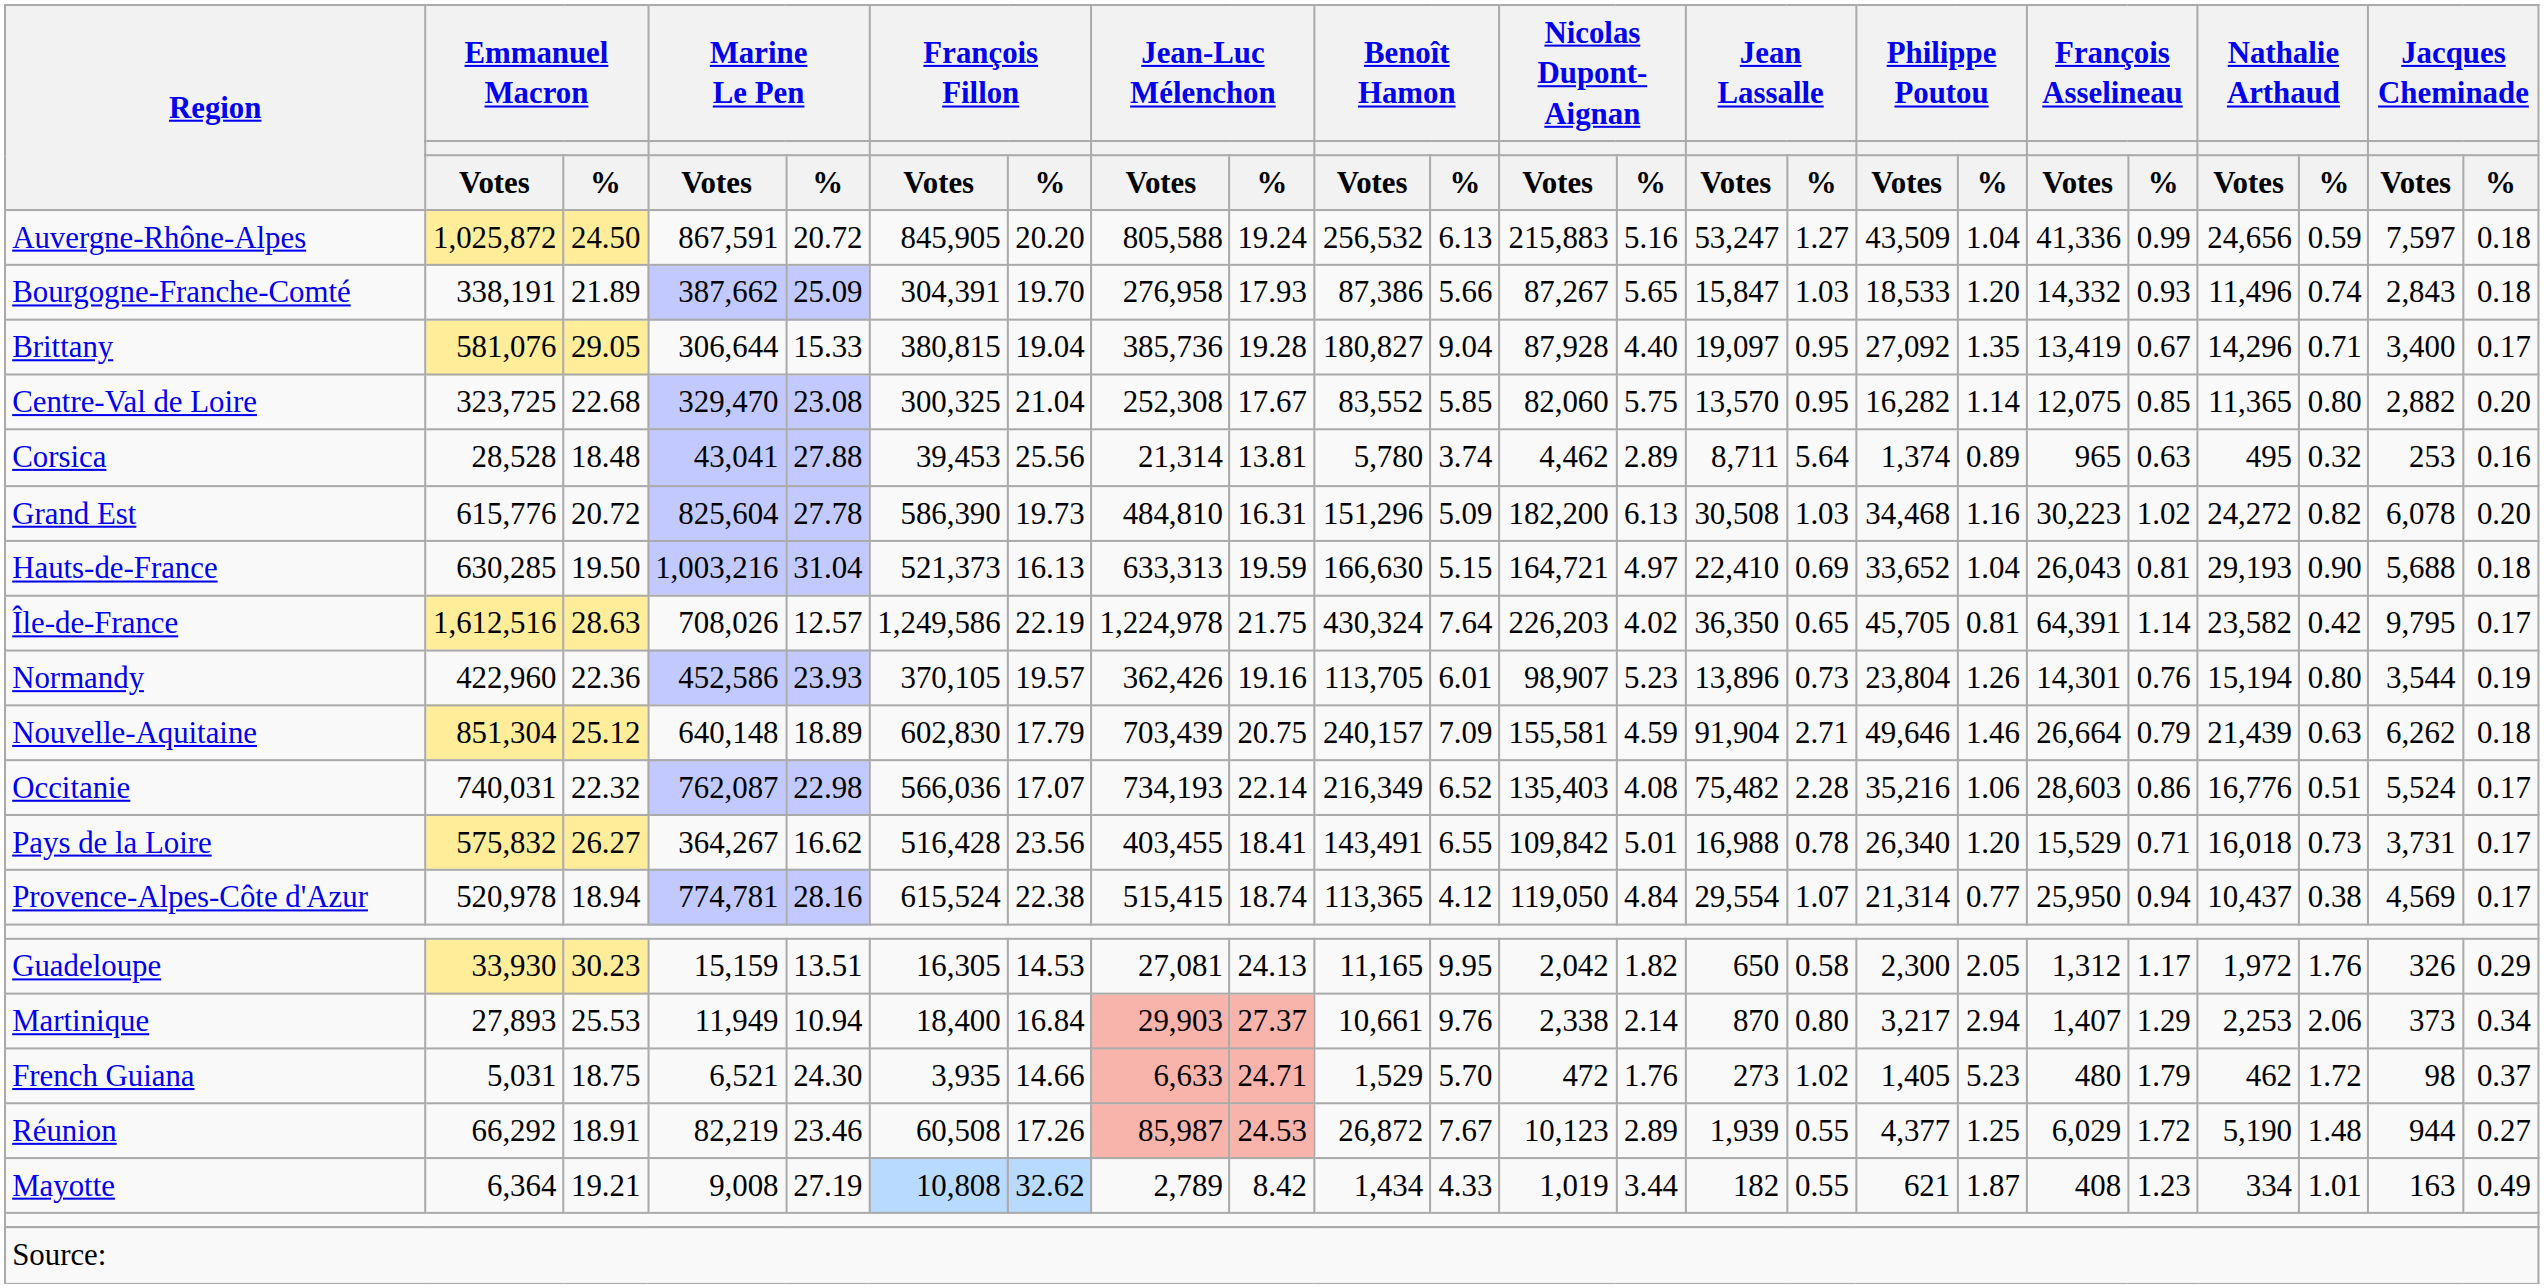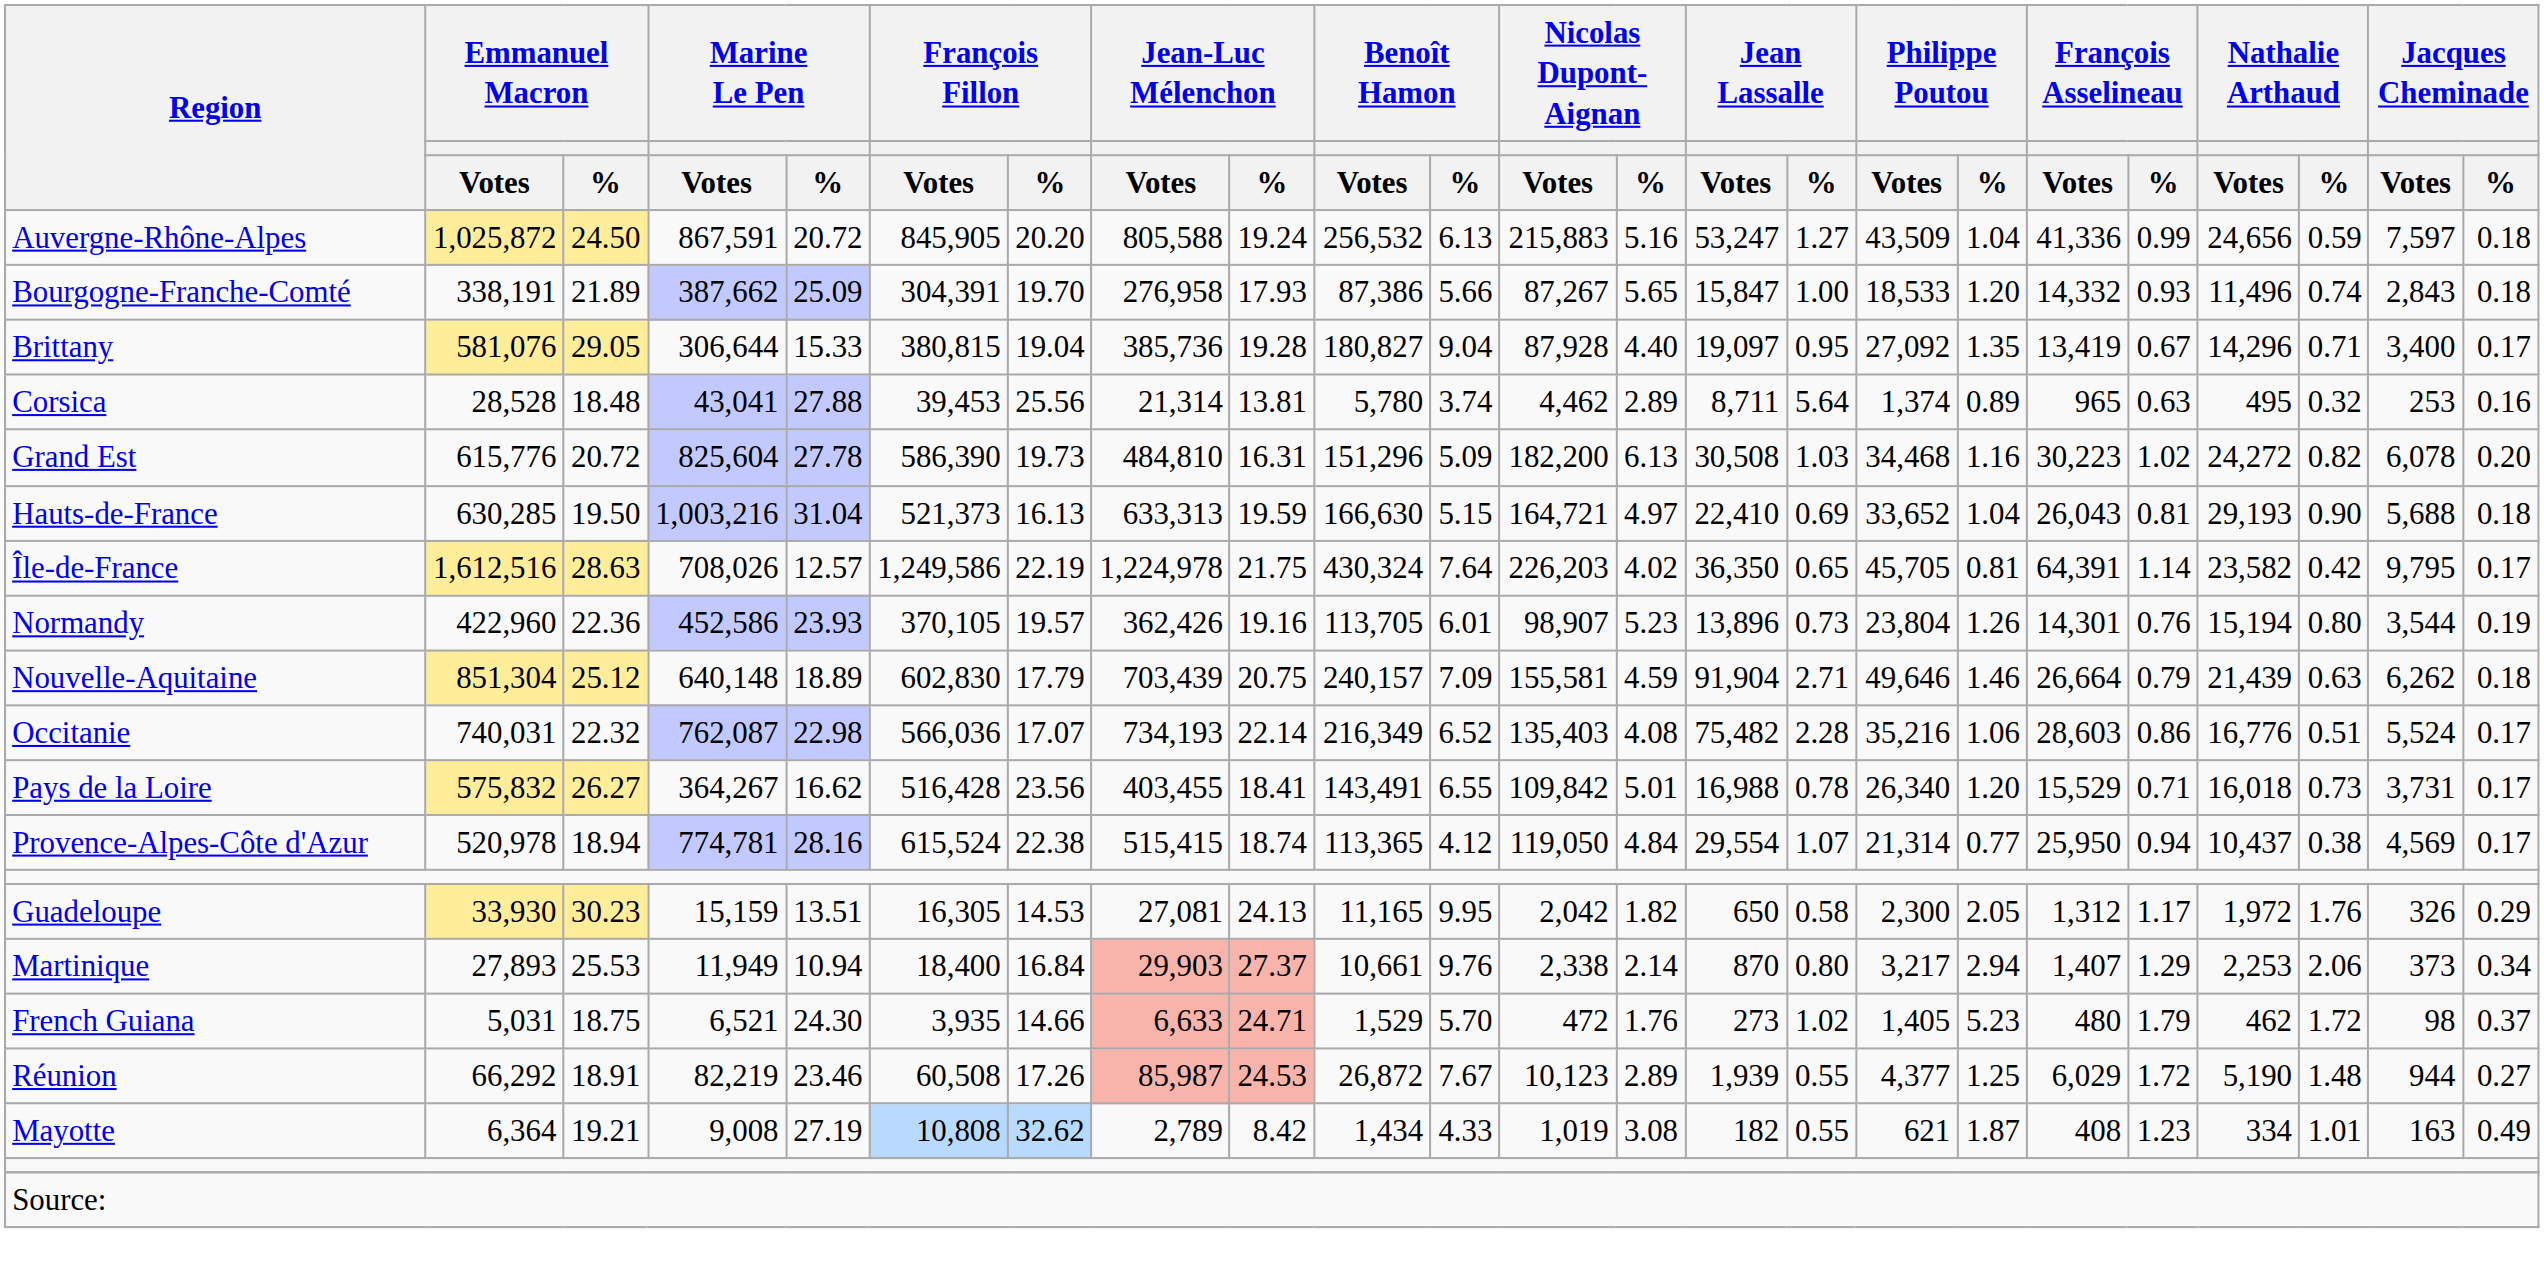 <table class="wikitable sortable collapsible collapsed" style="text-align:right; font-size:95%; line-height:20px">
 <tr>
 <th width="200" rowspan="3"><a href='#'>Region</a></th>
 <th width="110" colspan="2"><a href='#'>Emmanuel<br>Macron</a></th>
 <th width="110" colspan="2"><a href='#'>Marine<br>Le Pen</a></th>
 <th width="110" colspan="2"><a href='#'>François<br>Fillon</a></th>
 <th width="110" colspan="2"><a href='#'>Jean-Luc<br>Mélenchon</a></th>
 <th width="110" colspan="2"><a href='#'>Benoît<br>Hamon</a></th>
 <th width="110" colspan="2"><a href='#'>Nicolas<br>Dupont-Aignan</a></th>
 <th width="110" colspan="2"><a href='#'>Jean<br>Lassalle</a></th>
 <th width="110" colspan="2"><a href='#'>Philippe<br>Poutou</a></th>
 <th width="110" colspan="2"><a href='#'>François<br>Asselineau</a></th>
 <th width="110" colspan="2"><a href='#'>Nathalie<br>Arthaud</a></th>
 <th width="110" colspan="2"><a href='#'>Jacques<br>Cheminade</a></th>
 </tr>
 <tr>
 <th colspan="2" style="background:"></th>
 <th colspan="2" style="background:"></th>
 <th colspan="2" style="background:"></th>
 <th colspan="2" style="background:"></th>
 <th colspan="2" style="background:"></th>
 <th colspan="2" style="background:"></th>
 <th colspan="2" style="background:"></th>
 <th colspan="2" style="background:"></th>
 <th colspan="2" style="background:"></th>
 <th colspan="2" style="background:"></th>
 <th colspan="2" style="background:"></th>
 </tr>
 <tr>
 <th>Votes</th>
 <th>%</th>
 <th>Votes</th>
 <th>%</th>
 <th>Votes</th>
 <th>%</th>
 <th>Votes</th>
 <th>%</th>
 <th>Votes</th>
 <th>%</th>
 <th>Votes</th>
 <th>%</th>
 <th>Votes</th>
 <th>%</th>
 <th>Votes</th>
 <th>%</th>
 <th>Votes</th>
 <th>%</th>
 <th>Votes</th>
 <th>%</th>
 <th>Votes</th>
 <th>%</th>
 </tr>
 <tr>
 <td align="left"><a href='#'>Auvergne-Rhône-Alpes</a></td>
 <td style="background:#FFED99;">1,025,872</td>
 <td style="background:#FFED99;">24.50</td>
 <td>867,591</td>
 <td>20.72</td>
 <td>845,905</td>
 <td>20.20</td>
 <td>805,588</td>
 <td>19.24</td>
 <td>256,532</td>
 <td>6.13</td>
 <td>215,883</td>
 <td>5.16</td>
 <td>53,247</td>
 <td>1.27</td>
 <td>43,509</td>
 <td>1.04</td>
 <td>41,336</td>
 <td>0.99</td>
 <td>24,656</td>
 <td>0.59</td>
 <td>7,597</td>
 <td>0.18</td>
 </tr>
 <tr>
 <td align="left"><a href='#'>Bourgogne-Franche-Comté</a></td>
 <td>338,191</td>
 <td>21.89</td>
 <td style="background:#C1C9FF;">387,662</td>
 <td style="background:#C1C9FF;">25.09</td>
 <td>304,391</td>
 <td>19.70</td>
 <td>276,958</td>
 <td>17.93</td>
 <td>87,386</td>
 <td>5.66</td>
 <td>87,267</td>
 <td>5.65</td>
 <td>15,847</td>
-<td>1.03</td>
+<td>1.00</td>
 <td>18,533</td>
 <td>1.20</td>
 <td>14,332</td>
 <td>0.93</td>
 <td>11,496</td>
 <td>0.74</td>
 <td>2,843</td>
 <td>0.18</td>
 </tr>
 <tr>
 <td align="left"><a href='#'>Brittany</a></td>
 <td style="background:#FFED99;">581,076</td>
 <td style="background:#FFED99;">29.05</td>
 <td>306,644</td>
 <td>15.33</td>
 <td>380,815</td>
 <td>19.04</td>
 <td>385,736</td>
 <td>19.28</td>
 <td>180,827</td>
 <td>9.04</td>
 <td>87,928</td>
 <td>4.40</td>
 <td>19,097</td>
 <td>0.95</td>
 <td>27,092</td>
 <td>1.35</td>
 <td>13,419</td>
 <td>0.67</td>
 <td>14,296</td>
 <td>0.71</td>
 <td>3,400</td>
 <td>0.17</td>
-</tr>
-<tr>
-<td align="left"><a href='#'>Centre-Val de Loire</a></td>
-<td>323,725</td>
-<td>22.68</td>
-<td style="background:#C1C9FF;">329,470</td>
-<td style="background:#C1C9FF;">23.08</td>
-<td>300,325</td>
-<td>21.04</td>
-<td>252,308</td>
-<td>17.67</td>
-<td>83,552</td>
-<td>5.85</td>
-<td>82,060</td>
-<td>5.75</td>
-<td>13,570</td>
-<td>0.95</td>
-<td>16,282</td>
-<td>1.14</td>
-<td>12,075</td>
-<td>0.85</td>
-<td>11,365</td>
-<td>0.80</td>
-<td>2,882</td>
-<td>0.20</td>
 </tr>
 <tr>
 <td align="left"><a href='#'>Corsica</a></td>
 <td>28,528</td>
 <td>18.48</td>
 <td style="background:#C1C9FF;">43,041</td>
 <td style="background:#C1C9FF;">27.88</td>
 <td>39,453</td>
 <td>25.56</td>
 <td>21,314</td>
 <td>13.81</td>
 <td>5,780</td>
 <td>3.74</td>
 <td>4,462</td>
 <td>2.89</td>
 <td>8,711</td>
 <td>5.64</td>
 <td>1,374</td>
 <td>0.89</td>
 <td>965</td>
 <td>0.63</td>
 <td>495</td>
 <td>0.32</td>
 <td>253</td>
 <td>0.16</td>
 </tr>
 <tr>
 <td align="left"><a href='#'>Grand Est</a></td>
 <td>615,776</td>
 <td>20.72</td>
 <td style="background:#C1C9FF;">825,604</td>
 <td style="background:#C1C9FF;">27.78</td>
 <td>586,390</td>
 <td>19.73</td>
 <td>484,810</td>
 <td>16.31</td>
 <td>151,296</td>
 <td>5.09</td>
 <td>182,200</td>
 <td>6.13</td>
 <td>30,508</td>
 <td>1.03</td>
 <td>34,468</td>
 <td>1.16</td>
 <td>30,223</td>
 <td>1.02</td>
 <td>24,272</td>
 <td>0.82</td>
 <td>6,078</td>
 <td>0.20</td>
 </tr>
 <tr>
 <td align="left"><a href='#'>Hauts-de-France</a></td>
 <td>630,285</td>
 <td>19.50</td>
 <td style="background:#C1C9FF;">1,003,216</td>
 <td style="background:#C1C9FF;">31.04</td>
 <td>521,373</td>
 <td>16.13</td>
 <td>633,313</td>
 <td>19.59</td>
 <td>166,630</td>
 <td>5.15</td>
 <td>164,721</td>
 <td>4.97</td>
 <td>22,410</td>
 <td>0.69</td>
 <td>33,652</td>
 <td>1.04</td>
 <td>26,043</td>
 <td>0.81</td>
 <td>29,193</td>
 <td>0.90</td>
 <td>5,688</td>
 <td>0.18</td>
 </tr>
 <tr>
 <td align="left"><a href='#'>Île-de-France</a></td>
 <td style="background:#FFED99;">1,612,516</td>
 <td style="background:#FFED99;">28.63</td>
 <td>708,026</td>
 <td>12.57</td>
 <td>1,249,586</td>
 <td>22.19</td>
 <td>1,224,978</td>
 <td>21.75</td>
 <td>430,324</td>
 <td>7.64</td>
 <td>226,203</td>
 <td>4.02</td>
 <td>36,350</td>
 <td>0.65</td>
 <td>45,705</td>
 <td>0.81</td>
 <td>64,391</td>
 <td>1.14</td>
 <td>23,582</td>
 <td>0.42</td>
 <td>9,795</td>
 <td>0.17</td>
 </tr>
 <tr>
 <td align="left"><a href='#'>Normandy</a></td>
 <td>422,960</td>
 <td>22.36</td>
 <td style="background:#C1C9FF;">452,586</td>
 <td style="background:#C1C9FF;">23.93</td>
 <td>370,105</td>
 <td>19.57</td>
 <td>362,426</td>
 <td>19.16</td>
 <td>113,705</td>
 <td>6.01</td>
 <td>98,907</td>
 <td>5.23</td>
 <td>13,896</td>
 <td>0.73</td>
 <td>23,804</td>
 <td>1.26</td>
 <td>14,301</td>
 <td>0.76</td>
 <td>15,194</td>
 <td>0.80</td>
 <td>3,544</td>
 <td>0.19</td>
 </tr>
 <tr>
 <td align="left"><a href='#'>Nouvelle-Aquitaine</a></td>
 <td style="background:#FFED99;">851,304</td>
 <td style="background:#FFED99;">25.12</td>
 <td>640,148</td>
 <td>18.89</td>
 <td>602,830</td>
 <td>17.79</td>
 <td>703,439</td>
 <td>20.75</td>
 <td>240,157</td>
 <td>7.09</td>
 <td>155,581</td>
 <td>4.59</td>
 <td>91,904</td>
 <td>2.71</td>
 <td>49,646</td>
 <td>1.46</td>
 <td>26,664</td>
 <td>0.79</td>
 <td>21,439</td>
 <td>0.63</td>
 <td>6,262</td>
 <td>0.18</td>
 </tr>
 <tr>
 <td align="left"><a href='#'>Occitanie</a></td>
 <td>740,031</td>
 <td>22.32</td>
 <td style="background:#C1C9FF;">762,087</td>
 <td style="background:#C1C9FF;">22.98</td>
 <td>566,036</td>
 <td>17.07</td>
 <td>734,193</td>
 <td>22.14</td>
 <td>216,349</td>
 <td>6.52</td>
 <td>135,403</td>
 <td>4.08</td>
 <td>75,482</td>
 <td>2.28</td>
 <td>35,216</td>
 <td>1.06</td>
 <td>28,603</td>
 <td>0.86</td>
 <td>16,776</td>
 <td>0.51</td>
 <td>5,524</td>
 <td>0.17</td>
 </tr>
 <tr>
 <td align="left"><a href='#'>Pays de la Loire</a></td>
 <td style="background:#FFED99;">575,832</td>
 <td style="background:#FFED99;">26.27</td>
 <td>364,267</td>
 <td>16.62</td>
 <td>516,428</td>
 <td>23.56</td>
 <td>403,455</td>
 <td>18.41</td>
 <td>143,491</td>
 <td>6.55</td>
 <td>109,842</td>
 <td>5.01</td>
 <td>16,988</td>
 <td>0.78</td>
 <td>26,340</td>
 <td>1.20</td>
 <td>15,529</td>
 <td>0.71</td>
 <td>16,018</td>
 <td>0.73</td>
 <td>3,731</td>
 <td>0.17</td>
 </tr>
 <tr>
 <td align="left"><a href='#'>Provence-Alpes-Côte d'Azur</a></td>
 <td>520,978</td>
 <td>18.94</td>
 <td style="background:#C1C9FF;">774,781</td>
 <td style="background:#C1C9FF;">28.16</td>
 <td>615,524</td>
 <td>22.38</td>
 <td>515,415</td>
 <td>18.74</td>
 <td>113,365</td>
 <td>4.12</td>
 <td>119,050</td>
 <td>4.84</td>
 <td>29,554</td>
 <td>1.07</td>
 <td>21,314</td>
 <td>0.77</td>
 <td>25,950</td>
 <td>0.94</td>
 <td>10,437</td>
 <td>0.38</td>
 <td>4,569</td>
 <td>0.17</td>
 </tr>
 <tr class="sortbottom">
 <td colspan="23"></td>
 </tr>
 <tr>
 <td align="left"><a href='#'>Guadeloupe</a></td>
 <td style="background:#FFED99;">33,930</td>
 <td style="background:#FFED99;">30.23</td>
 <td>15,159</td>
 <td>13.51</td>
 <td>16,305</td>
 <td>14.53</td>
 <td>27,081</td>
 <td>24.13</td>
 <td>11,165</td>
 <td>9.95</td>
 <td>2,042</td>
 <td>1.82</td>
 <td>650</td>
 <td>0.58</td>
 <td>2,300</td>
 <td>2.05</td>
 <td>1,312</td>
 <td>1.17</td>
 <td>1,972</td>
 <td>1.76</td>
 <td>326</td>
 <td>0.29</td>
 </tr>
 <tr>
 <td align="left"><a href='#'>Martinique</a></td>
 <td>27,893</td>
 <td>25.53</td>
 <td>11,949</td>
 <td>10.94</td>
 <td>18,400</td>
 <td>16.84</td>
 <td style="background:#F8B3AB;">29,903</td>
 <td style="background:#F8B3AB;">27.37</td>
 <td>10,661</td>
 <td>9.76</td>
 <td>2,338</td>
 <td>2.14</td>
 <td>870</td>
 <td>0.80</td>
 <td>3,217</td>
 <td>2.94</td>
 <td>1,407</td>
 <td>1.29</td>
 <td>2,253</td>
 <td>2.06</td>
 <td>373</td>
 <td>0.34</td>
 </tr>
 <tr>
 <td align="left"><a href='#'>French Guiana</a></td>
 <td>5,031</td>
 <td>18.75</td>
 <td>6,521</td>
 <td>24.30</td>
 <td>3,935</td>
 <td>14.66</td>
 <td style="background:#F8B3AB;">6,633</td>
 <td style="background:#F8B3AB;">24.71</td>
 <td>1,529</td>
 <td>5.70</td>
 <td>472</td>
 <td>1.76</td>
 <td>273</td>
 <td>1.02</td>
 <td>1,405</td>
 <td>5.23</td>
 <td>480</td>
 <td>1.79</td>
 <td>462</td>
 <td>1.72</td>
 <td>98</td>
 <td>0.37</td>
 </tr>
 <tr>
 <td align="left"><a href='#'>Réunion</a></td>
 <td>66,292</td>
 <td>18.91</td>
 <td>82,219</td>
 <td>23.46</td>
 <td>60,508</td>
 <td>17.26</td>
 <td style="background:#F8B3AB;">85,987</td>
 <td style="background:#F8B3AB;">24.53</td>
 <td>26,872</td>
 <td>7.67</td>
 <td>10,123</td>
 <td>2.89</td>
 <td>1,939</td>
 <td>0.55</td>
 <td>4,377</td>
 <td>1.25</td>
 <td>6,029</td>
 <td>1.72</td>
 <td>5,190</td>
 <td>1.48</td>
 <td>944</td>
 <td>0.27</td>
 </tr>
 <tr>
 <td align="left"><a href='#'>Mayotte</a></td>
 <td>6,364</td>
 <td>19.21</td>
 <td>9,008</td>
 <td>27.19</td>
 <td style="background:#B9DAFF;">10,808</td>
 <td style="background:#B9DAFF;">32.62</td>
 <td>2,789</td>
 <td>8.42</td>
 <td>1,434</td>
 <td>4.33</td>
 <td>1,019</td>
-<td>3.44</td>
+<td>3.08</td>
 <td>182</td>
 <td>0.55</td>
 <td>621</td>
 <td>1.87</td>
 <td>408</td>
 <td>1.23</td>
 <td>334</td>
 <td>1.01</td>
 <td>163</td>
 <td>0.49</td>
 </tr>
 <tr class="sortbottom">
 <td colspan="23"></td>
 </tr>
 <tr>
 </tr>
 <tr class="sortbottom">
 <td colspan="23" style="text-align:left;">Source: </td>
 </tr>
 </table>
